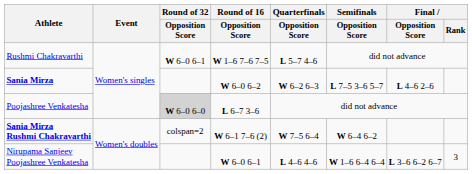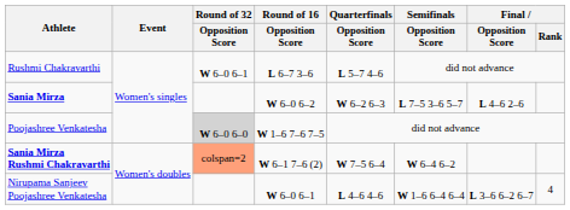 <table class=wikitable style="font-size:90%">
 <tr>
 <th rowspan="2">Athlete</th>
 <th rowspan="2">Event</th>
 <th>Round of 32</th>
 <th>Round of 16</th>
 <th>Quarterfinals</th>
 <th>Semifinals</th>
 <th colspan=2>Final / </th>
 </tr>
 <tr style="font-size:95%">
 <th>Opposition<br>Score</th>
 <th>Opposition<br>Score</th>
 <th>Opposition<br>Score</th>
 <th>Opposition<br>Score</th>
 <th>Opposition<br>Score</th>
 <th>Rank</th>
 </tr>
 <tr align=center>
 <td align=left><a href='#'>Rushmi Chakravarthi</a></td>
 <td align=left rowspan=3><a href='#'>Women's singles</a></td>
 <td> <br><strong>W</strong> 6–0 6–1</td>
-<td> <br><strong>W</strong> 1–6 7–6 7–5</td>
+<td> <br><strong>L</strong> 6–7 3–6</td>
 <td> <br><strong>L</strong> 5–7 4–6</td>
 <td colspan=3>did not advance</td>
 </tr>
 <tr align=center>
 <td align=left><strong><a href='#'>Sania Mirza</a></strong></td>
 <td></td>
 <td> <br><strong>W</strong> 6–0 6–2</td>
 <td> <br><strong>W</strong> 6–2 6–3</td>
 <td><br>  <strong>L</strong> 7–5 3–6 5–7</td>
 <td> <br> <strong>L</strong> 4–6 2–6</td>
 <td></td>
 </tr>
 <tr align=center>
 <td align=left><a href='#'>Poojashree Venkatesha</a></td>
 <td style="background: lightgrey;"> <br><strong>W</strong> 6–0 6–0</td>
-<td> <br><strong>L</strong> 6–7 3–6</td>
+<td> <br><strong>W</strong> 1–6 7–6 7–5</td>
 <td colspan=4>did not advance</td>
 </tr>
 <tr align=center>
 <td align=left><strong><a href='#'>Sania Mirza</a><br> <a href='#'>Rushmi Chakravarthi</a></strong></td>
 <td align=left rowspan=2><a href='#'>Women's doubles</a></td>
-<td>colspan=2 </td>
+<td style="background: lightsalmon;">colspan=2 </td>
 <td> <br> <strong>W</strong> 6–1 7–6 (2)</td>
 <td> <br> <strong>W</strong> 7–5 6–4</td>
 <td><br> <strong>W</strong> 6–4 6–2</td>
 <td></td>
 </tr>
 <tr align=center>
 <td align=left><a href='#'>Nirupama Sanjeev</a><br> <a href='#'>Poojashree Venkatesha</a></td>
 <td></td>
 <td><br> <strong>W</strong> 6–0 6–1</td>
 <td> <br> <strong>L</strong> 4–6 4–6</td>
 <td> <br><strong>W</strong> 1–6 6–4 6–4</td>
 <td> <br><strong>L</strong> 3–6 6–2 6–7</td>
-<td>3</td>
+<td>4</td>
 </tr>
 </table>
